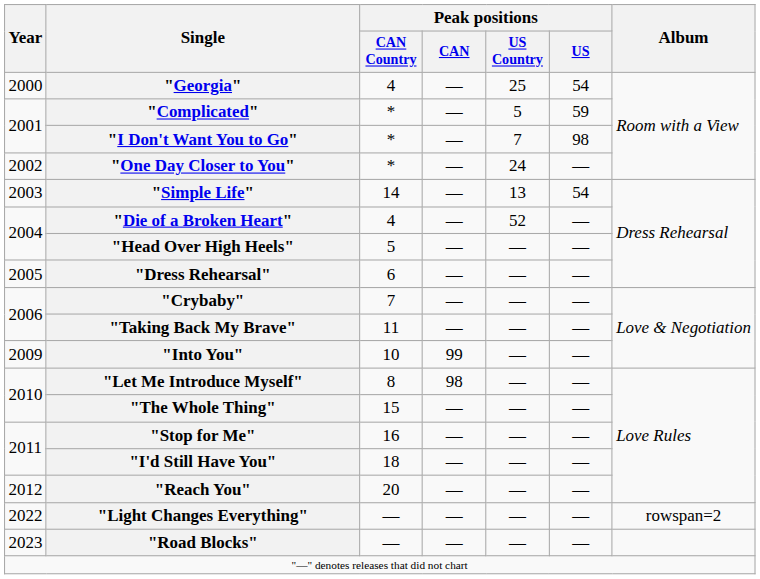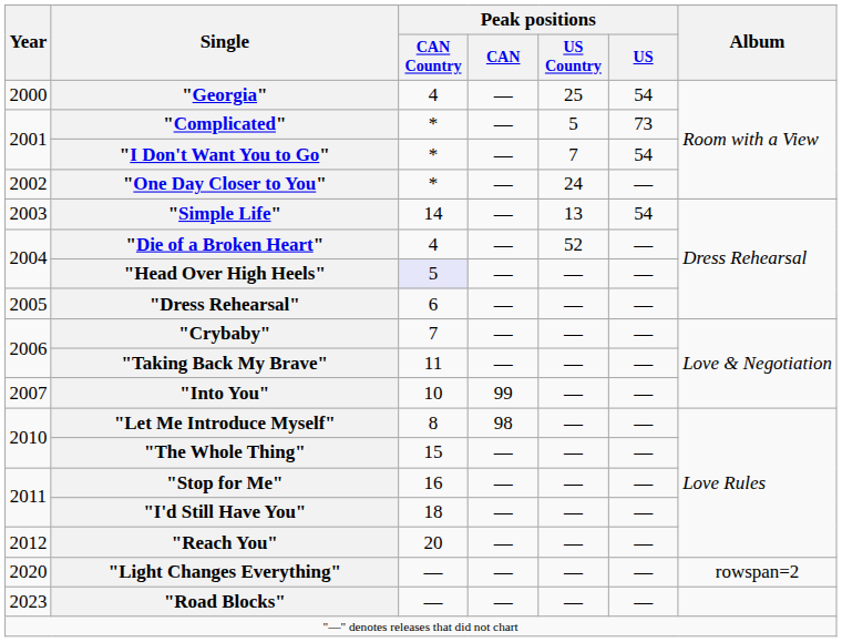 <table class="wikitable plainrowheaders" style="text-align:center;">
 <tr>
 <th rowspan="2">Year</th>
 <th rowspan="2" style="width:18em;">Single</th>
 <th colspan="4">Peak positions</th>
 <th rowspan="2">Album</th>
 </tr>
 <tr style="font-size:smaller;">
 <th style="width:4em;"><a href='#'>CAN Country</a><br></th>
 <th style="width:4em;"><a href='#'>CAN</a><br></th>
 <th style="width:4em;"><a href='#'>US Country</a><br></th>
 <th style="width:4em;"><a href='#'>US</a><br></th>
 </tr>
 <tr>
 <td>2000</td>
 <th scope="row">"<a href='#'>Georgia</a>"</th>
 <td>4</td>
 <td>—</td>
 <td>25</td>
 <td>54</td>
 <td style="text-align:left;" rowspan="4"><em>Room with a View</em></td>
 </tr>
 <tr>
 <td rowspan="2">2001</td>
 <th scope="row">"<a href='#'>Complicated</a>"</th>
 <td>*</td>
 <td>—</td>
 <td>5</td>
-<td>59</td>
+<td>73</td>
 </tr>
 <tr>
 <th scope="row">"<a href='#'>I Don't Want You to Go</a>"</th>
 <td>*</td>
 <td>—</td>
 <td>7</td>
-<td>98</td>
+<td>54</td>
 </tr>
 <tr>
 <td>2002</td>
 <th scope="row">"<a href='#'>One Day Closer to You</a>"</th>
 <td>*</td>
 <td>—</td>
 <td>24</td>
 <td>—</td>
 </tr>
 <tr>
 <td>2003</td>
 <th scope="row">"<a href='#'>Simple Life</a>"</th>
 <td>14</td>
 <td>—</td>
 <td>13</td>
 <td>54</td>
 <td align="left" rowspan="4"><em>Dress Rehearsal</em></td>
 </tr>
 <tr>
 <td rowspan="2">2004</td>
 <th scope="row">"<a href='#'>Die of a Broken Heart</a>"</th>
 <td>4</td>
 <td>—</td>
 <td>52</td>
 <td>—</td>
 </tr>
 <tr>
 <th scope="row">"Head Over High Heels"</th>
-<td>5</td>
+<td style="background: lavender;">5</td>
 <td>—</td>
 <td>—</td>
 <td>—</td>
 </tr>
 <tr>
 <td>2005</td>
 <th scope="row">"Dress Rehearsal"</th>
 <td>6</td>
 <td>—</td>
 <td>—</td>
 <td>—</td>
 </tr>
 <tr>
 <td rowspan="2">2006</td>
 <th scope="row">"Crybaby"</th>
 <td>7</td>
 <td>—</td>
 <td>—</td>
 <td>—</td>
 <td style="text-align:left;" rowspan="3"><em>Love & Negotiation</em></td>
 </tr>
 <tr>
 <th scope="row">"Taking Back My Brave"</th>
 <td>11</td>
 <td>—</td>
 <td>—</td>
 <td>—</td>
 </tr>
 <tr>
-<td>2009</td>
+<td>2007</td>
 <th scope="row">"Into You"</th>
 <td>10</td>
 <td>99</td>
 <td>—</td>
 <td>—</td>
 </tr>
 <tr>
 <td rowspan="2">2010</td>
 <th scope="row">"Let Me Introduce Myself"</th>
 <td>8</td>
 <td>98</td>
 <td>—</td>
 <td>—</td>
 <td style="text-align:left;" rowspan="5"><em>Love Rules</em></td>
 </tr>
 <tr>
 <th scope="row">"The Whole Thing"</th>
 <td>15</td>
 <td>—</td>
 <td>—</td>
 <td>—</td>
 </tr>
 <tr>
 <td rowspan="2">2011</td>
 <th scope="row">"Stop for Me"</th>
 <td>16</td>
 <td>—</td>
 <td>—</td>
 <td>—</td>
 </tr>
 <tr>
 <th scope="row">"I'd Still Have You"</th>
 <td>18</td>
 <td>—</td>
 <td>—</td>
 <td>—</td>
 </tr>
 <tr>
 <td>2012</td>
 <th scope="row">"Reach You"</th>
 <td>20</td>
 <td>—</td>
 <td>—</td>
 <td>—</td>
 </tr>
 <tr>
-<td>2022</td>
+<td>2020</td>
 <th scope="row">"Light Changes Everything"</th>
 <td>—</td>
 <td>—</td>
 <td>—</td>
 <td>—</td>
 <td>rowspan=2 </td>
 </tr>
 <tr>
 <td>2023</td>
 <th scope="row">"Road Blocks"</th>
 <td>—</td>
 <td>—</td>
 <td>—</td>
 <td>—</td>
 </tr>
 <tr>
 <td colspan="7" style="font-size:8pt">"—" denotes releases that did not chart</td>
 </tr>
 </table>
